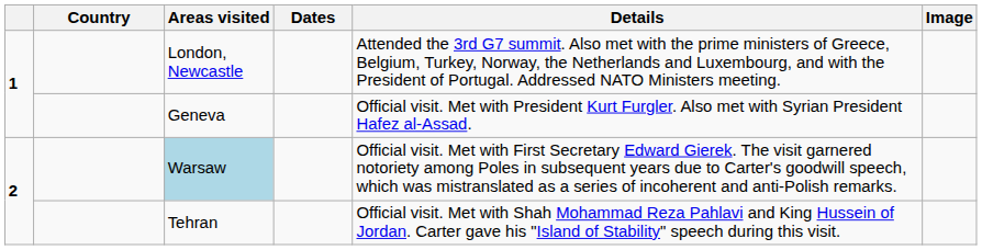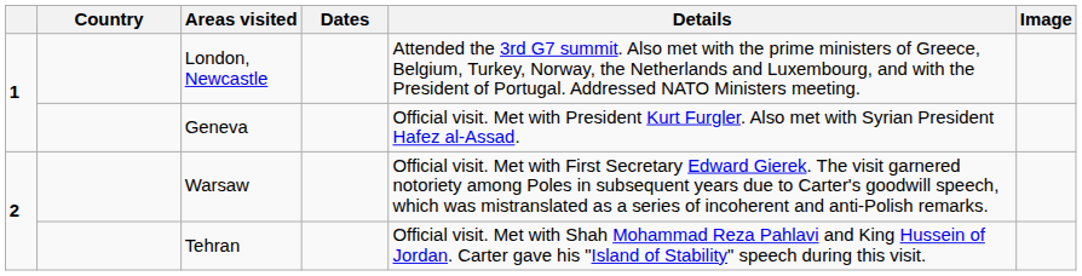 <table class="wikitable sortable" border="1" style="margin: 1em auto 1em auto">
 <tr>
 <th style="width: 3%;"></th>
 <th width=120>Country</th>
 <th width=100>Areas visited</th>
 <th width=70>Dates</th>
 <th width=550>Details</th>
 <th>Image</th>
 </tr>
 <tr>
 <td rowspan=2><strong>1</strong></td>
 <td></td>
 <td>London,<br><a href='#'>Newcastle</a></td>
 <td></td>
 <td>Attended the <a href='#'>3rd G7 summit</a>. Also met with the prime ministers of Greece, Belgium, Turkey, Norway, the Netherlands and Luxembourg, and with the President of Portugal. Addressed NATO Ministers meeting.</td>
 <td></td>
 </tr>
 <tr>
 <td></td>
 <td>Geneva</td>
 <td></td>
 <td>Official visit. Met with President <a href='#'>Kurt Furgler</a>. Also met with Syrian President <a href='#'>Hafez al-Assad</a>.</td>
 <td></td>
 </tr>
 <tr>
 <td rowspan=2><strong>2</strong></td>
 <td></td>
-<td style="background: lightblue;">Warsaw</td>
+<td>Warsaw</td>
 <td></td>
 <td>Official visit. Met with First Secretary <a href='#'>Edward Gierek</a>. The visit garnered notoriety among Poles in subsequent years due to Carter's goodwill speech, which was mistranslated as a series of incoherent and anti-Polish remarks.</td>
 <td></td>
 </tr>
 <tr>
 <td></td>
 <td>Tehran</td>
 <td></td>
 <td>Official visit. Met with Shah <a href='#'>Mohammad Reza Pahlavi</a> and King <a href='#'>Hussein of Jordan</a>. Carter gave his "<a href='#'>Island of Stability</a>" speech during this visit.</td>
 <td></td>
 </tr>
 </table>
